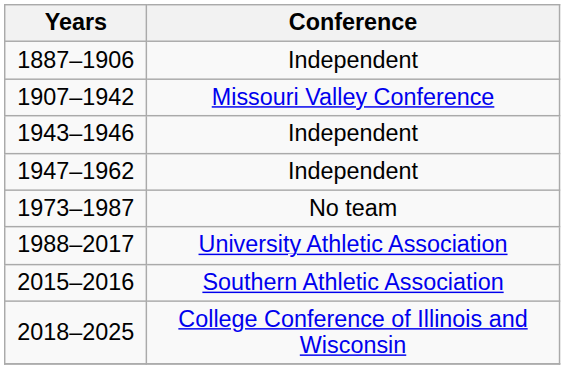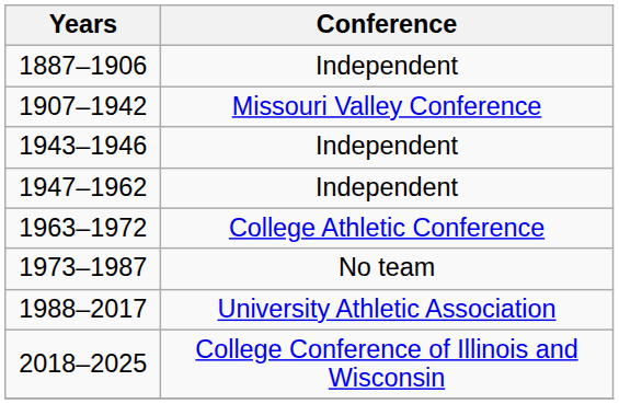 <table class="wikitable sortable" style="text-align:center">
 <tr>
 <th style="width:90px; ">Years</th>
 <th style="width:275px; ">Conference</th>
 </tr>
 <tr>
 <td>1887–1906</td>
 <td>Independent</td>
 </tr>
 <tr>
 <td>1907–1942</td>
 <td><a href='#'>Missouri Valley Conference</a></td>
 </tr>
 <tr>
 <td>1943–1946</td>
 <td>Independent</td>
 </tr>
 <tr>
 <td>1947–1962</td>
 <td>Independent</td>
 </tr>
 <tr>
+<td>1963–1972</td>
+<td><a href='#'>College Athletic Conference</a></td>
+</tr>
+<tr>
 <td>1973–1987</td>
 <td>No team</td>
 </tr>
 <tr>
 <td>1988–2017</td>
 <td><a href='#'>University Athletic Association</a></td>
 </tr>
 <tr>
-<td>2015–2016</td>
-<td><a href='#'>Southern Athletic Association</a></td>
-</tr>
-<tr>
 <td>2018–2025</td>
 <td><a href='#'>College Conference of Illinois and Wisconsin</a></td>
 </tr>
 <tr>
 </tr>
 </table>
